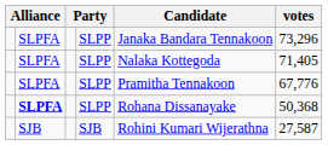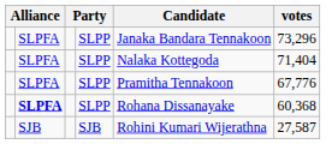 <table class="wikitable sortable mw-collapsible">
 <tr>
 <th colspan="2">Alliance</th>
 <th colspan="2">Party</th>
 <th>Candidate</th>
 <th>votes</th>
 </tr>
 <tr>
 <td bgcolor=> </td>
 <td align=left><a href='#'>SLPFA</a></td>
 <td bgcolor=> </td>
 <td align=left><a href='#'>SLPP</a></td>
 <td><a href='#'>Janaka Bandara Tennakoon</a></td>
 <td>73,296</td>
 </tr>
 <tr>
 <td bgcolor=> </td>
 <td align=left><a href='#'>SLPFA</a></td>
 <td bgcolor=> </td>
 <td align=left><a href='#'>SLPP</a></td>
 <td><a href='#'>Nalaka Kottegoda</a></td>
-<td>71,405</td>
+<td>71,404</td>
 </tr>
 <tr>
 <td bgcolor=> </td>
 <td align=left><a href='#'>SLPFA</a></td>
 <td bgcolor=> </td>
 <td align=left><a href='#'>SLPP</a></td>
 <td><a href='#'>Pramitha Tennakoon</a></td>
 <td>67,776</td>
 </tr>
 <tr>
 <td bgcolor=> </td>
 <td align=left><strong><a href='#'>SLPFA</a></strong></td>
 <td bgcolor=> </td>
 <td align=left><a href='#'>SLPP</a></td>
 <td><a href='#'>Rohana Dissanayake</a></td>
-<td>50,368</td>
+<td>60,368</td>
 </tr>
 <tr>
 <td bgcolor=> </td>
 <td align=left><a href='#'>SJB</a></td>
 <td bgcolor=> </td>
 <td align=left><a href='#'>SJB</a></td>
 <td><a href='#'>Rohini Kumari Wijerathna</a></td>
 <td>27,587</td>
 </tr>
 </table>
